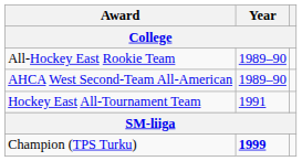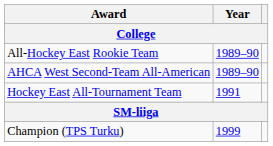 <table class="wikitable">
 <tr>
 <th>Award</th>
 <th>Year</th>
 <th></th>
 </tr>
 <tr ALIGN="center" bgcolor="#e0e0e0">
 <th colspan="3"><a href='#'>College</a></th>
 </tr>
 <tr>
 <td>All-<a href='#'>Hockey East</a> <a href='#'>Rookie Team</a></td>
 <td><a href='#'>1989–90</a></td>
 <td></td>
 </tr>
 <tr>
 <td><a href='#'>AHCA</a> <a href='#'>West Second-Team All-American</a></td>
 <td><a href='#'>1989–90</a></td>
 <td></td>
 </tr>
 <tr>
 <td><a href='#'>Hockey East</a> <a href='#'>All-Tournament Team</a></td>
 <td><a href='#'>1991</a></td>
 <td></td>
 </tr>
 <tr ALIGN="center" bgcolor="#e0e0e0">
 <th colspan="3"><a href='#'>SM-liiga</a></th>
 </tr>
 <tr>
 <td>Champion (<a href='#'>TPS Turku</a>)</td>
-<td><strong><a href='#'>1999</a></strong></td>
+<td><a href='#'>1999</a></td>
 <td></td>
 </tr>
 </table>
